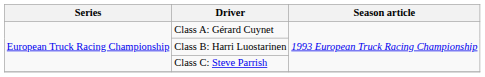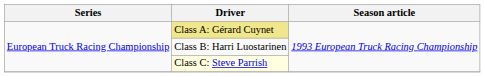 <table class="wikitable" style="font-size: 87%;">
 <tr>
 <th>Series</th>
 <th>Driver</th>
 <th>Season article</th>
 </tr>
 <tr>
 <td rowspan=3><a href='#'>European Truck Racing Championship</a></td>
-<td>Class A:  Gérard Cuynet</td>
+<td style="background: khaki;">Class A:  Gérard Cuynet</td>
 <td rowspan=3><em><a href='#'>1993 European Truck Racing Championship</a></em></td>
 </tr>
 <tr>
 <td>Class B:  Harri Luostarinen</td>
 </tr>
 <tr>
-<td>Class C:  <a href='#'>Steve Parrish</a></td>
+<td style="background: lightyellow;">Class C:  <a href='#'>Steve Parrish</a></td>
 </tr>
 <tr>
 </tr>
 </table>
